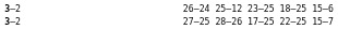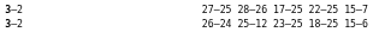 <table>
 <tr>
 <th width=200></th>
 <th width=80></th>
 <th width=200></th>
 <th width=220></th>
 </tr>
 <tr>
 <td align=right></td>
 <td align=center><strong>3</strong>–2</td>
 <td></td>
-<td>26–24 25–12 23–25 18–25 15–6</td>
+<td>27–25 28–26 17–25 22–25 15–7</td>
 </tr>
 <tr>
 <td align=right></td>
 <td align=center><strong>3</strong>–2</td>
 <td></td>
-<td>27–25 28–26 17–25 22–25 15–7</td>
+<td>26–24 25–12 23–25 18–25 15–6</td>
 </tr>
 </table>
